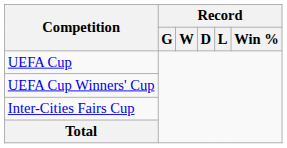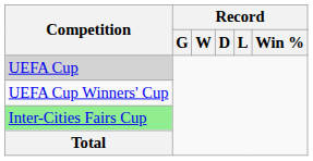 <table class="wikitable" style="text-align: center">
 <tr>
 <th rowspan="2">Competition</th>
 <th colspan="7">Record</th>
 </tr>
 <tr>
 <th>G</th>
 <th>W</th>
 <th>D</th>
 <th>L</th>
 <th>Win %</th>
 </tr>
 <tr>
-<td align=left><a href='#'>UEFA Cup</a><br></td>
+<td align=left style="background: lightgrey;"><a href='#'>UEFA Cup</a><br></td>
 </tr>
 <tr>
 <td align=left><a href='#'>UEFA Cup Winners' Cup</a><br></td>
 </tr>
 <tr>
-<td align=left><a href='#'>Inter-Cities Fairs Cup</a><br></td>
+<td align=left style="background: lightgreen;"><a href='#'>Inter-Cities Fairs Cup</a><br></td>
 </tr>
 <tr>
 <th>Total<br></th>
 </tr>
 </table>
